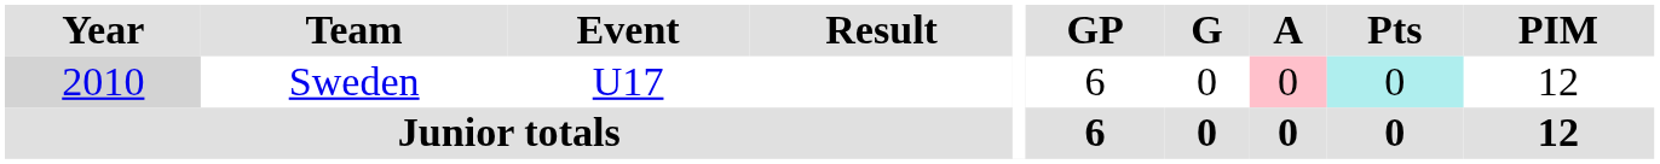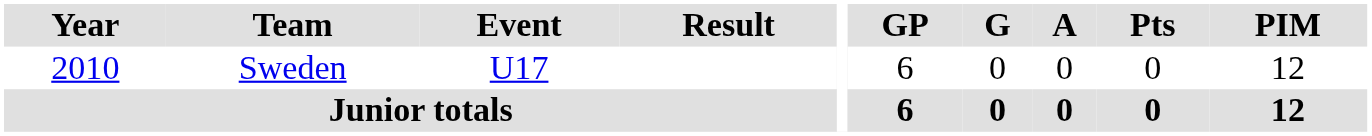 <table border="0" cellpadding="1" cellspacing="0" ID="Table3" style="text-align:center; width:40em">
 <tr ALIGN="center" bgcolor="#e0e0e0">
 <th>Year</th>
 <th>Team</th>
 <th>Event</th>
 <th>Result</th>
 <th rowspan="99" bgcolor="#ffffff"></th>
 <th>GP</th>
 <th>G</th>
 <th>A</th>
 <th>Pts</th>
 <th>PIM</th>
 </tr>
 <tr>
-<td style="background: lightgrey;"><a href='#'>2010</a></td>
+<td><a href='#'>2010</a></td>
 <td><a href='#'>Sweden</a></td>
 <td><a href='#'>U17</a></td>
 <td></td>
 <td>6</td>
 <td>0</td>
-<td style="background: pink;">0</td>
-<td style="background: paleturquoise;">0</td>
+<td>0</td>
+<td>0</td>
 <td>12</td>
 </tr>
 <tr ALIGN="center" bgcolor="#e0e0e0">
 <th colspan=4>Junior totals</th>
 <th>6</th>
 <th>0</th>
 <th>0</th>
 <th>0</th>
 <th>12</th>
 </tr>
 </table>
